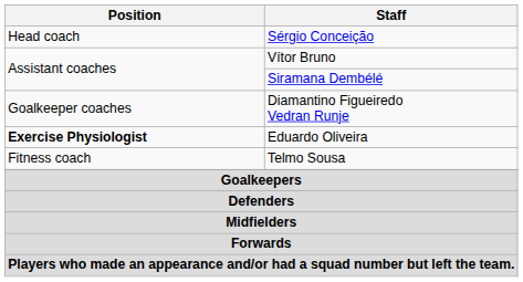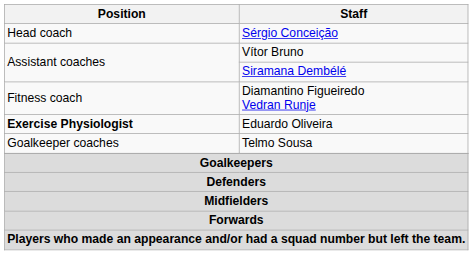 <table class=wikitable>
 <tr>
 <th>Position</th>
 <th>Staff</th>
 </tr>
 <tr>
 <td>Head coach</td>
 <td> <a href='#'>Sérgio Conceição</a></td>
 </tr>
 <tr>
 <td rowspan=2>Assistant coaches</td>
 <td> Vítor Bruno</td>
 </tr>
 <tr>
 <td> <a href='#'>Siramana Dembélé</a></td>
 </tr>
 <tr>
-<td>Goalkeeper coaches</td>
+<td>Fitness coach</td>
 <td> Diamantino Figueiredo<br> <a href='#'>Vedran Runje</a></td>
 </tr>
 <tr>
 <td><strong>Exercise Physiologist</strong></td>
 <td> Eduardo Oliveira</td>
 </tr>
 <tr>
-<td>Fitness coach</td>
+<td>Goalkeeper coaches</td>
 <td> Telmo Sousa</td>
 </tr>
 <tr>
 </tr>
 <tr>
 <th colspan=18 style=background:#dcdcdc; text-align:center>Goalkeepers<br>   </th>
 </tr>
 <tr>
 <th colspan=18 style=background:#dcdcdc; text-align:center>Defenders<br>           </th>
 </tr>
 <tr>
 <th colspan=18 style=background:#dcdcdc; text-align:center>Midfielders<br>                                      </th>
 </tr>
 <tr>
 <th colspan=18 style=background:#dcdcdc; text-align:center>Forwards<br>       </th>
 </tr>
 <tr>
 <th colspan=18 style=background:#dcdcdc; text-align:center>Players who made an appearance and/or had a squad number but left the team.<br>   </th>
 </tr>
 </table>
